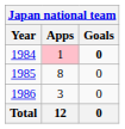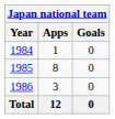 <table class="wikitable" style="text-align:center">
 <tr>
 <th colspan=3><a href='#'>Japan national team</a></th>
 </tr>
 <tr>
 <th>Year</th>
 <th>Apps</th>
 <th>Goals</th>
 </tr>
 <tr>
 <td><a href='#'>1984</a></td>
-<td style="background: pink;">1</td>
-<td><strong>0</strong></td>
+<td>1</td>
+<td>0</td>
 </tr>
 <tr>
 <td><a href='#'>1985</a></td>
 <td>8</td>
 <td>0</td>
 </tr>
 <tr>
 <td><a href='#'>1986</a></td>
 <td>3</td>
 <td>0</td>
 </tr>
 <tr>
 <th>Total</th>
 <th>12</th>
 <th>0</th>
 </tr>
 </table>
